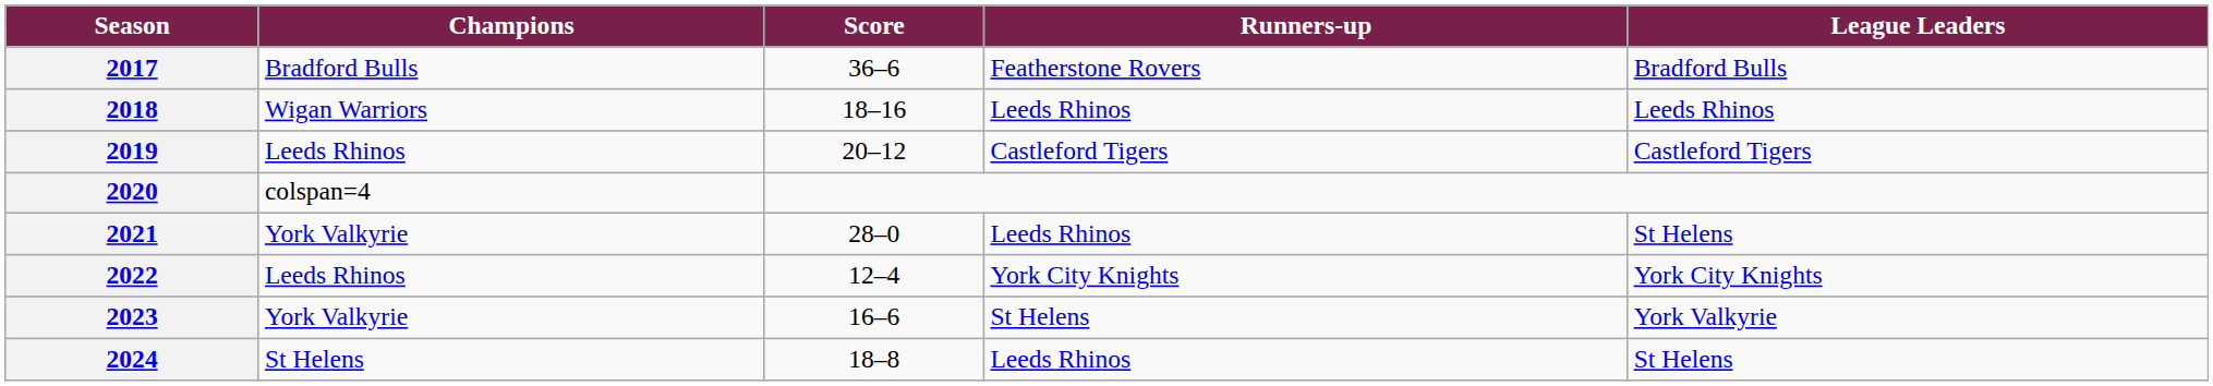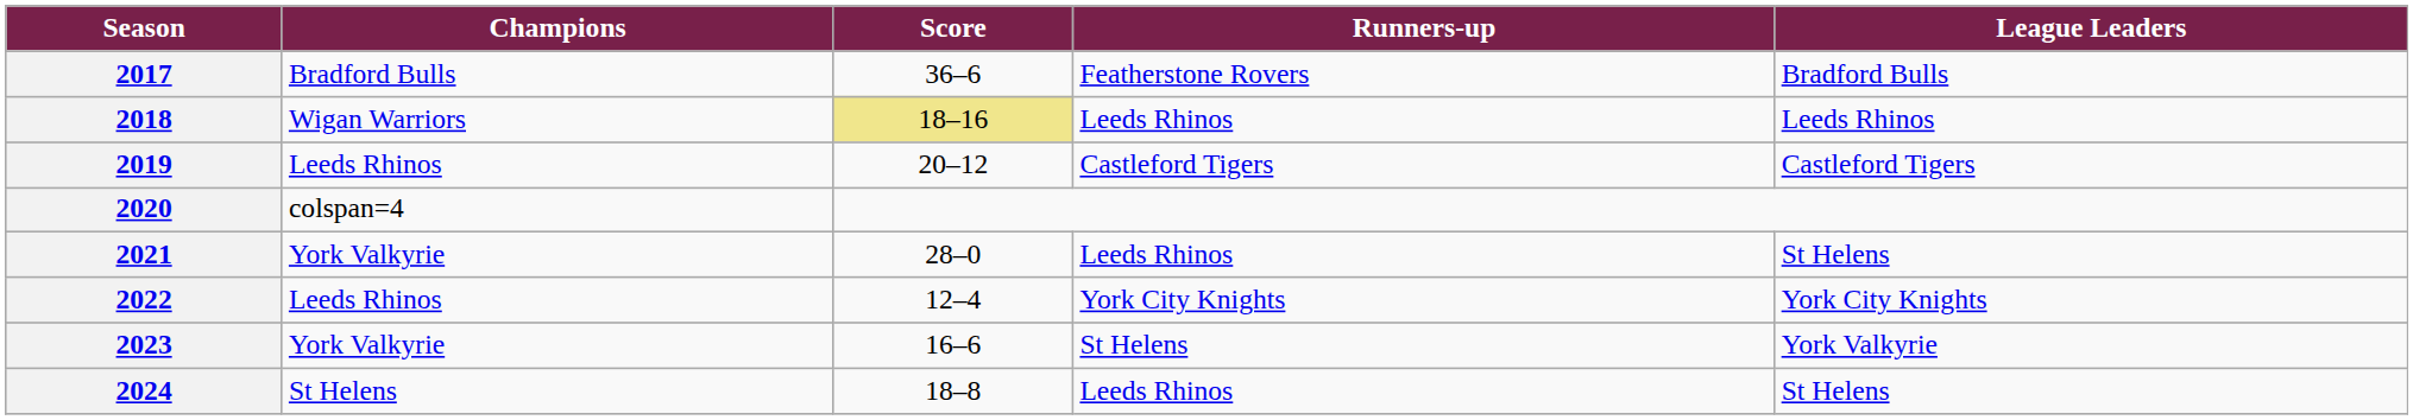 <table class="wikitable" style="border-collapse:collapse; font-size:92%; width:100%;">
 <tr>
 <th scope="col" style="background:#78204A; color:white;" "width:21%;">Season</th>
 <th scope="col" style="background:#78204A; color:white;" "width:21%;">Champions</th>
 <th scope="col" style="background:#78204A; color:white;" "width:6%;">Score</th>
 <th scope="col" style="background:#78204A; color:white;" "width:21%;">Runners-up</th>
 <th scope="col" style="background:#78204A; color:white;" "width:21%;">League Leaders</th>
 </tr>
 <tr>
 <th scope="row"><a href='#'>2017</a></th>
 <td> <a href='#'>Bradford Bulls</a></td>
 <td style="text-align: center;">36–6</td>
 <td> <a href='#'>Featherstone Rovers</a></td>
 <td> <a href='#'>Bradford Bulls</a></td>
 </tr>
 <tr>
 <th scope="row"><a href='#'>2018</a></th>
 <td> <a href='#'>Wigan Warriors</a></td>
-<td style="text-align: center;">18–16</td>
+<td style="background: khaki; text-align: center;">18–16</td>
 <td> <a href='#'>Leeds Rhinos</a></td>
 <td> <a href='#'>Leeds Rhinos</a></td>
 </tr>
 <tr>
 <th scope="row"><a href='#'>2019</a></th>
 <td> <a href='#'>Leeds Rhinos</a></td>
 <td style="text-align: center;">20–12</td>
 <td> <a href='#'>Castleford Tigers</a></td>
 <td> <a href='#'>Castleford Tigers</a></td>
 </tr>
 <tr>
 <th scope="row"><a href='#'>2020</a></th>
 <td>colspan=4 </td>
 </tr>
 <tr>
 <th scope="row"><a href='#'>2021</a></th>
 <td> <a href='#'>York Valkyrie</a></td>
 <td style="text-align: center;">28–0</td>
 <td> <a href='#'>Leeds Rhinos</a></td>
 <td> <a href='#'>St Helens</a></td>
 </tr>
 <tr>
 <th scope="row"><a href='#'>2022</a></th>
 <td> <a href='#'>Leeds Rhinos</a></td>
 <td style="text-align: center;">12–4</td>
 <td> <a href='#'>York City Knights</a></td>
 <td> <a href='#'>York City Knights</a></td>
 </tr>
 <tr>
 <th scope="row"><a href='#'>2023</a></th>
 <td> <a href='#'>York Valkyrie</a></td>
 <td style="text-align: center;">16–6</td>
 <td> <a href='#'>St Helens</a></td>
 <td> <a href='#'>York Valkyrie</a></td>
 </tr>
 <tr>
 <th scope="row"><a href='#'>2024</a></th>
 <td> <a href='#'>St Helens</a></td>
 <td style="text-align: center;">18–8</td>
 <td> <a href='#'>Leeds Rhinos</a></td>
 <td> <a href='#'>St Helens</a></td>
 </tr>
 </table>
